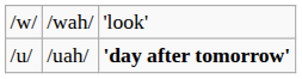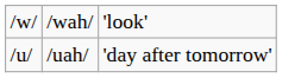 <table class="wikitable">
 <tr>
 <td>/w/</td>
 <td>/wah/</td>
 <td>'look'</td>
 </tr>
 <tr>
 <td>/u/</td>
 <td>/uah/</td>
-<td><strong>'day after tomorrow'</strong></td>
+<td>'day after tomorrow'</td>
 </tr>
 </table>
